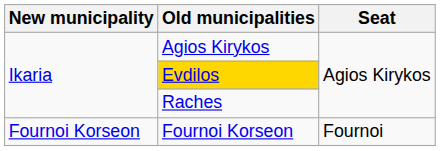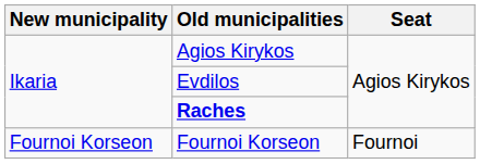 <table class="wikitable">
 <tr>
 <th>New municipality</th>
 <th>Old municipalities</th>
 <th>Seat</th>
 </tr>
 <tr>
 <td rowspan=3><a href='#'>Ikaria</a></td>
 <td><a href='#'>Agios Kirykos</a></td>
 <td rowspan=3>Agios Kirykos</td>
 </tr>
 <tr>
-<td style="background: gold;"><a href='#'>Evdilos</a></td>
+<td><a href='#'>Evdilos</a></td>
 </tr>
 <tr>
-<td><a href='#'>Raches</a></td>
+<td><strong><a href='#'>Raches</a></strong></td>
 </tr>
 <tr>
 <td><a href='#'>Fournoi Korseon</a></td>
 <td><a href='#'>Fournoi Korseon</a></td>
 <td>Fournoi</td>
 </tr>
 </table>
